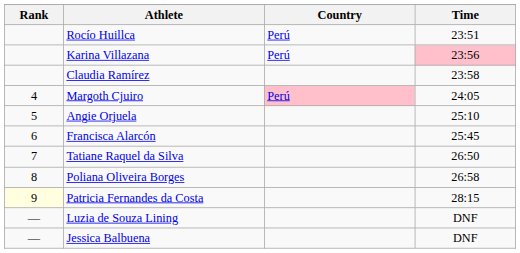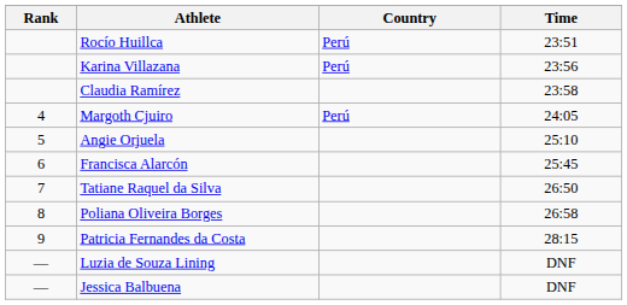 <table class="wikitable sortable" style=" text-align:center; font-size:95%;" width="50%">
 <tr>
 </tr>
 <tr>
 <th width=5%>Rank</th>
 <th width=20%>Athlete</th>
 <th width=15%>Country</th>
 <th width=10%>Time</th>
 </tr>
 <tr>
 <td align=center></td>
 <td align=left><a href='#'>Rocío Huillca</a></td>
 <td align=left> <a href='#'>Perú</a></td>
 <td>23:51</td>
 </tr>
 <tr>
 <td align=center></td>
 <td align=left><a href='#'>Karina Villazana</a></td>
 <td align=left> <a href='#'>Perú</a></td>
-<td style="background: pink;">23:56</td>
+<td>23:56</td>
 </tr>
 <tr>
 <td align=center></td>
 <td align=left><a href='#'>Claudia Ramírez</a></td>
 <td align=left></td>
 <td>23:58</td>
 </tr>
 <tr>
 <td align=center>4</td>
 <td align=left><a href='#'>Margoth Cjuiro</a></td>
-<td align=left style="background: pink;"> <a href='#'>Perú</a></td>
+<td align=left> <a href='#'>Perú</a></td>
 <td>24:05</td>
 </tr>
 <tr>
 <td align=center>5</td>
 <td align=left><a href='#'>Angie Orjuela</a></td>
 <td align=left></td>
 <td>25:10</td>
 </tr>
 <tr>
 <td align=center>6</td>
 <td align=left><a href='#'>Francisca Alarcón</a></td>
 <td align=left></td>
 <td>25:45</td>
 </tr>
 <tr>
 <td align=center>7</td>
 <td align=left><a href='#'>Tatiane Raquel da Silva</a></td>
 <td align=left></td>
 <td>26:50</td>
 </tr>
 <tr>
 <td align=center>8</td>
 <td align=left><a href='#'>Poliana Oliveira Borges</a></td>
 <td align=left></td>
 <td>26:58</td>
 </tr>
 <tr>
-<td align=center style="background: lightyellow;">9</td>
+<td align=center>9</td>
 <td align=left><a href='#'>Patricia Fernandes da Costa</a></td>
 <td align=left></td>
 <td>28:15</td>
 </tr>
 <tr>
 <td align=center>—</td>
 <td align=left><a href='#'>Luzia de Souza Lining</a></td>
 <td align=left></td>
 <td>DNF</td>
 </tr>
 <tr>
 <td align=center>—</td>
 <td align=left><a href='#'>Jessica Balbuena</a></td>
 <td align=left></td>
 <td>DNF</td>
 </tr>
 </table>
